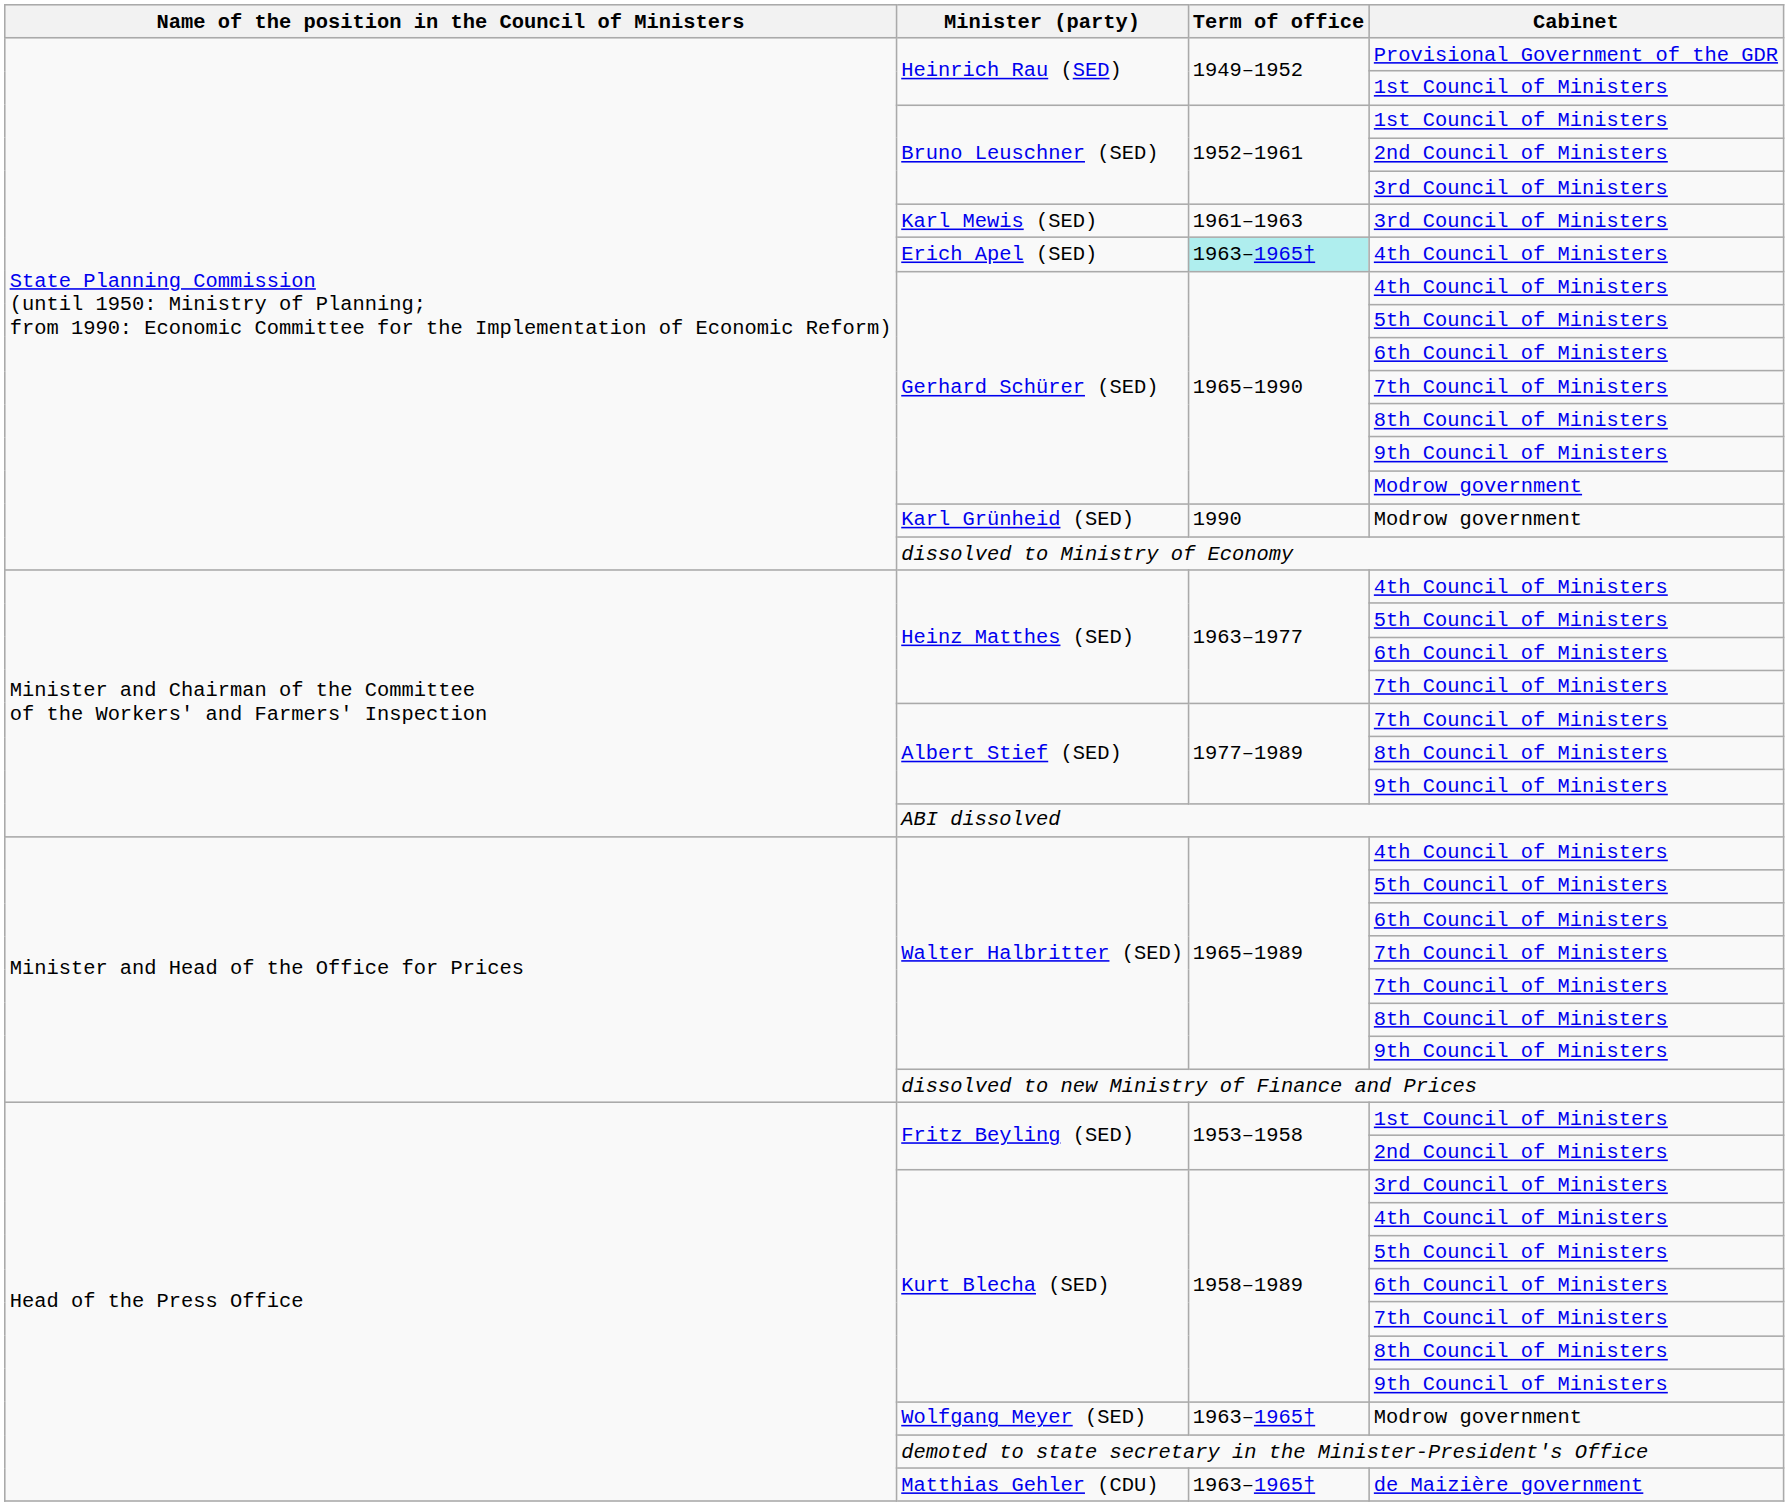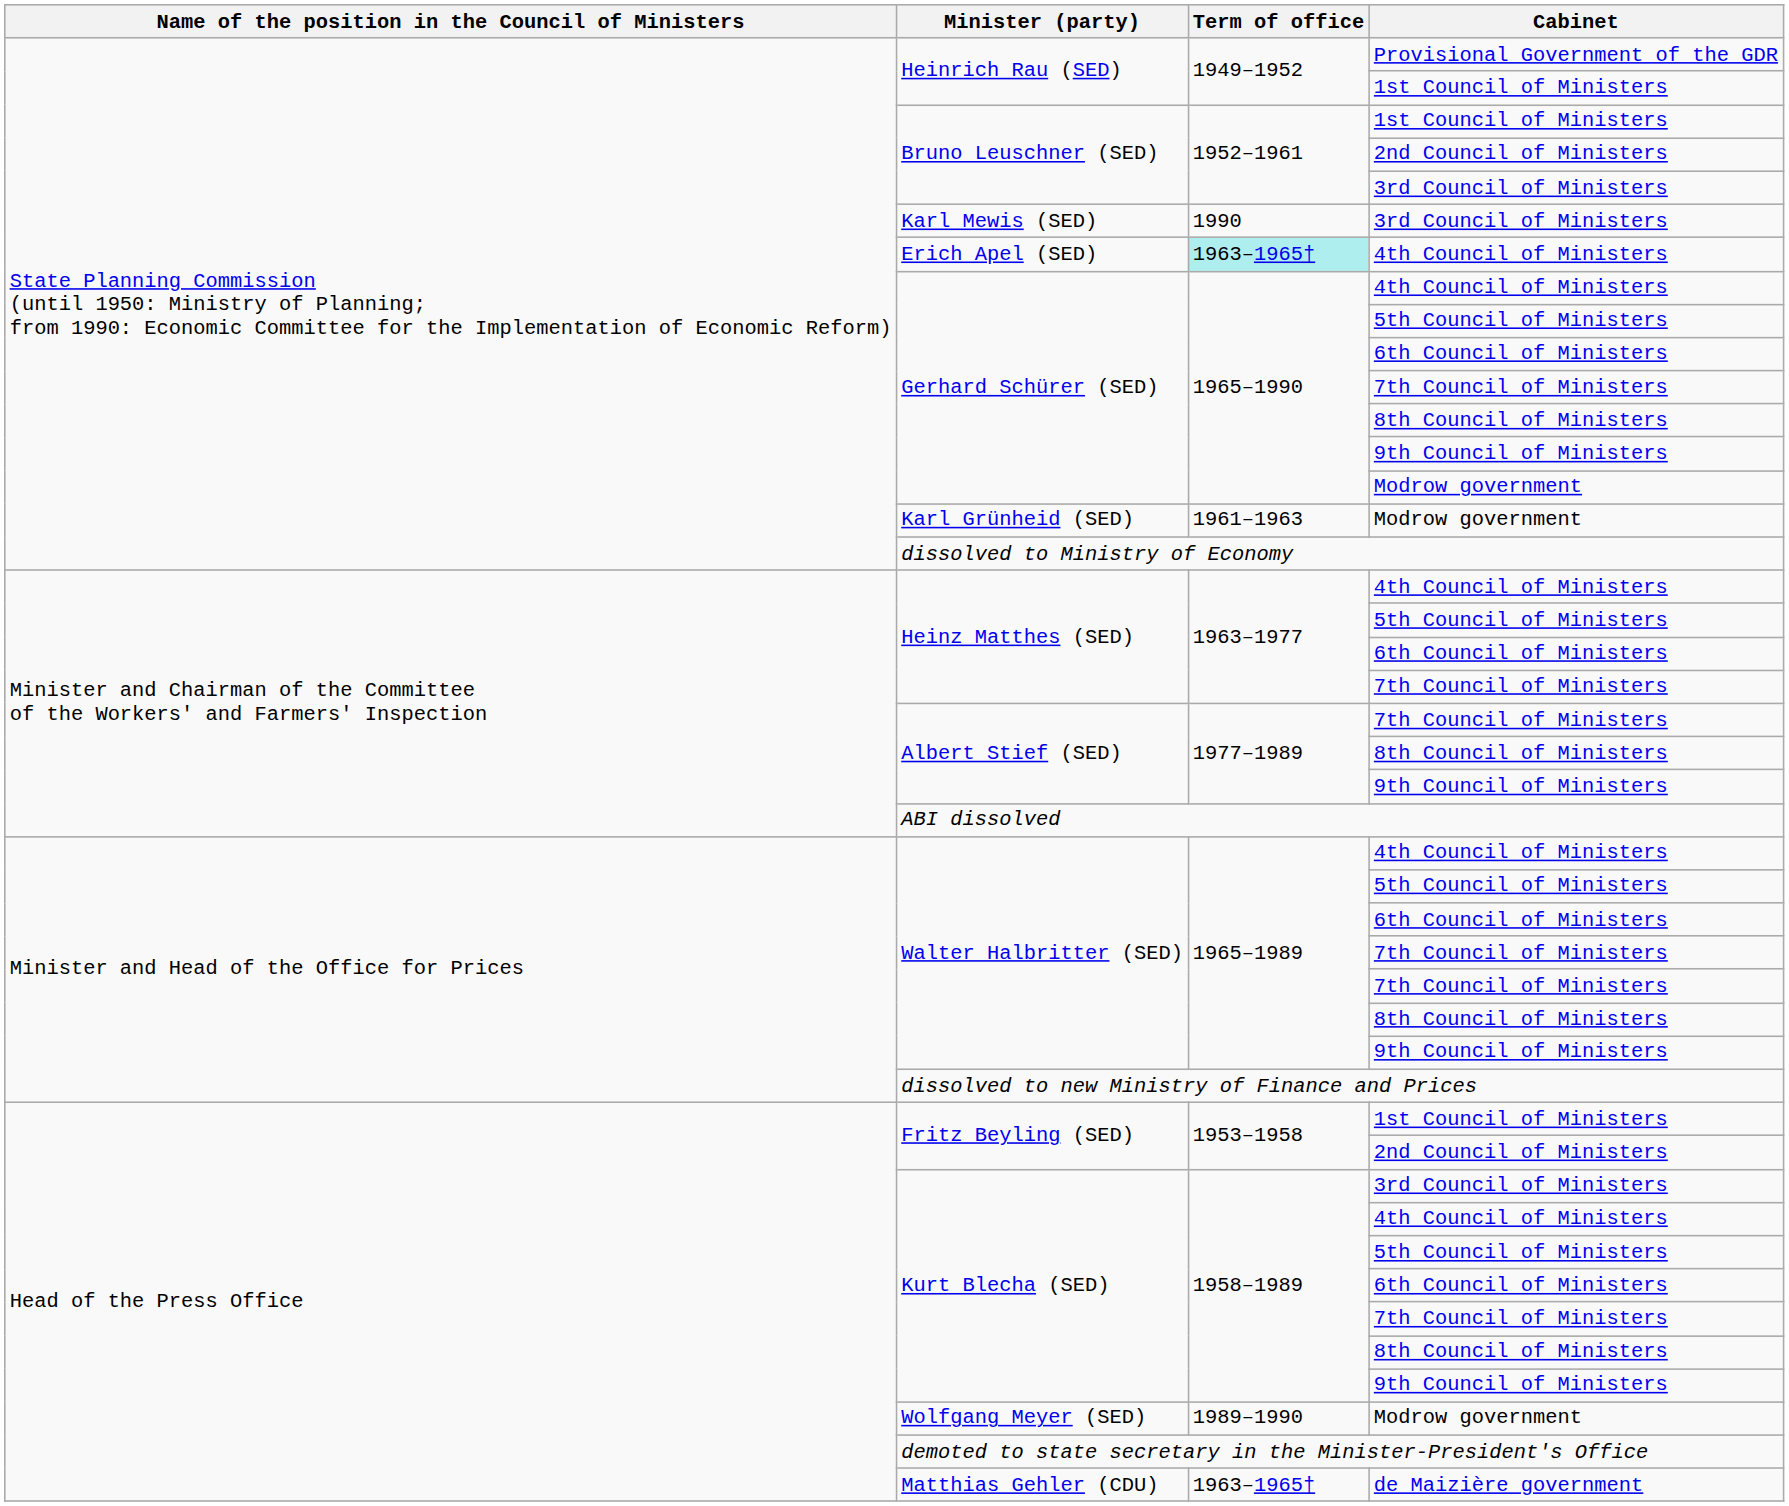 <table class="wikitable sortable">
 <tr>
 <th>Name of the position in the Council of Ministers</th>
 <th>Minister (party)</th>
 <th>Term of office</th>
 <th>Cabinet</th>
 </tr>
 <tr>
 <td rowspan="16"><a href='#'>State Planning Commission</a><br>(until 1950: Ministry of Planning;<br> from 1990: Economic Committee for the Implementation of Economic Reform)</td>
 <td rowspan="2"><a href='#'>Heinrich Rau</a> (<a href='#'>SED</a>)</td>
 <td rowspan="2">1949–1952</td>
 <td><a href='#'>Provisional Government of the GDR</a></td>
 </tr>
 <tr>
 <td><a href='#'>1st Council of Ministers</a></td>
 </tr>
 <tr>
 <td rowspan="3"><a href='#'>Bruno Leuschner</a> (SED)</td>
 <td rowspan="3">1952–1961</td>
 <td><a href='#'>1st Council of Ministers</a></td>
 </tr>
 <tr>
 <td><a href='#'>2nd Council of Ministers</a></td>
 </tr>
 <tr>
 <td><a href='#'>3rd Council of Ministers</a></td>
 </tr>
 <tr>
 <td><a href='#'>Karl Mewis</a> (SED)</td>
-<td>1961–1963</td>
+<td>1990</td>
 <td><a href='#'>3rd Council of Ministers</a></td>
 </tr>
 <tr>
 <td><a href='#'>Erich Apel</a> (SED)</td>
 <td style="background: paleturquoise;">1963–<a href='#'>1965†</a></td>
 <td><a href='#'>4th Council of Ministers</a></td>
 </tr>
 <tr>
 <td rowspan="7"><a href='#'>Gerhard Schürer</a> (SED)</td>
 <td rowspan="7">1965–1990</td>
 <td><a href='#'>4th Council of Ministers</a></td>
 </tr>
 <tr>
 <td><a href='#'>5th Council of Ministers</a></td>
 </tr>
 <tr>
 <td><a href='#'>6th Council of Ministers</a></td>
 </tr>
 <tr>
 <td><a href='#'>7th Council of Ministers</a></td>
 </tr>
 <tr>
 <td><a href='#'>8th Council of Ministers</a></td>
 </tr>
 <tr>
 <td><a href='#'>9th Council of Ministers</a></td>
 </tr>
 <tr>
 <td><a href='#'>Modrow government</a></td>
 </tr>
 <tr>
 <td><a href='#'>Karl Grünheid</a> (SED)</td>
-<td>1990</td>
+<td>1961–1963</td>
 <td>Modrow government</td>
 </tr>
 <tr>
 <td colspan="3"><em>dissolved to Ministry of Economy</em></td>
 </tr>
 <tr>
 <td rowspan="8">Minister and Chairman of the Committee<br>of the Workers' and Farmers' Inspection</td>
 <td rowspan="4"><a href='#'>Heinz Matthes</a> (SED)</td>
 <td rowspan="4">1963–1977</td>
 <td><a href='#'>4th Council of Ministers</a></td>
 </tr>
 <tr>
 <td><a href='#'>5th Council of Ministers</a></td>
 </tr>
 <tr>
 <td><a href='#'>6th Council of Ministers</a></td>
 </tr>
 <tr>
 <td><a href='#'>7th Council of Ministers</a></td>
 </tr>
 <tr>
 <td rowspan="3"><a href='#'>Albert Stief</a> (SED)</td>
 <td rowspan="3">1977–1989</td>
 <td><a href='#'>7th Council of Ministers</a></td>
 </tr>
 <tr>
 <td><a href='#'>8th Council of Ministers</a></td>
 </tr>
 <tr>
 <td><a href='#'>9th Council of Ministers</a></td>
 </tr>
 <tr>
 <td colspan="3"><em>ABI dissolved</em></td>
 </tr>
 <tr>
 <td rowspan="8">Minister and Head of the Office for Prices</td>
 <td rowspan="7"><a href='#'>Walter Halbritter</a> (SED)</td>
 <td rowspan="7">1965–1989</td>
 <td><a href='#'>4th Council of Ministers</a></td>
 </tr>
 <tr>
 <td><a href='#'>5th Council of Ministers</a></td>
 </tr>
 <tr>
 <td><a href='#'>6th Council of Ministers</a></td>
 </tr>
 <tr>
 <td><a href='#'>7th Council of Ministers</a></td>
 </tr>
 <tr>
 <td><a href='#'>7th Council of Ministers</a></td>
 </tr>
 <tr>
 <td><a href='#'>8th Council of Ministers</a></td>
 </tr>
 <tr>
 <td><a href='#'>9th Council of Ministers</a></td>
 </tr>
 <tr>
 <td colspan="3"><em>dissolved to new Ministry of Finance and Prices</em></td>
 </tr>
 <tr>
 <td rowspan="12">Head of the Press Office</td>
 <td rowspan="2"><a href='#'>Fritz Beyling</a> (SED)</td>
 <td rowspan="2">1953–1958</td>
 <td><a href='#'>1st Council of Ministers</a></td>
 </tr>
 <tr>
 <td><a href='#'>2nd Council of Ministers</a></td>
 </tr>
 <tr>
 <td rowspan="7"><a href='#'>Kurt Blecha</a> (SED)</td>
 <td rowspan="7">1958–1989</td>
 <td><a href='#'>3rd Council of Ministers</a></td>
 </tr>
 <tr>
 <td><a href='#'>4th Council of Ministers</a></td>
 </tr>
 <tr>
 <td><a href='#'>5th Council of Ministers</a></td>
 </tr>
 <tr>
 <td><a href='#'>6th Council of Ministers</a></td>
 </tr>
 <tr>
 <td><a href='#'>7th Council of Ministers</a></td>
 </tr>
 <tr>
 <td><a href='#'>8th Council of Ministers</a></td>
 </tr>
 <tr>
 <td><a href='#'>9th Council of Ministers</a></td>
 </tr>
 <tr>
 <td><a href='#'>Wolfgang Meyer</a> (SED)</td>
-<td>1963–<a href='#'>1965†</a></td>
+<td>1989–1990</td>
 <td>Modrow government</td>
 </tr>
 <tr>
 <td colspan="3"><em>demoted to state secretary in the Minister-President's Office</em></td>
 </tr>
 <tr>
 <td><a href='#'>Matthias Gehler</a> (CDU)</td>
 <td>1963–<a href='#'>1965†</a></td>
 <td><a href='#'>de Maizière government</a></td>
 </tr>
 </table>
